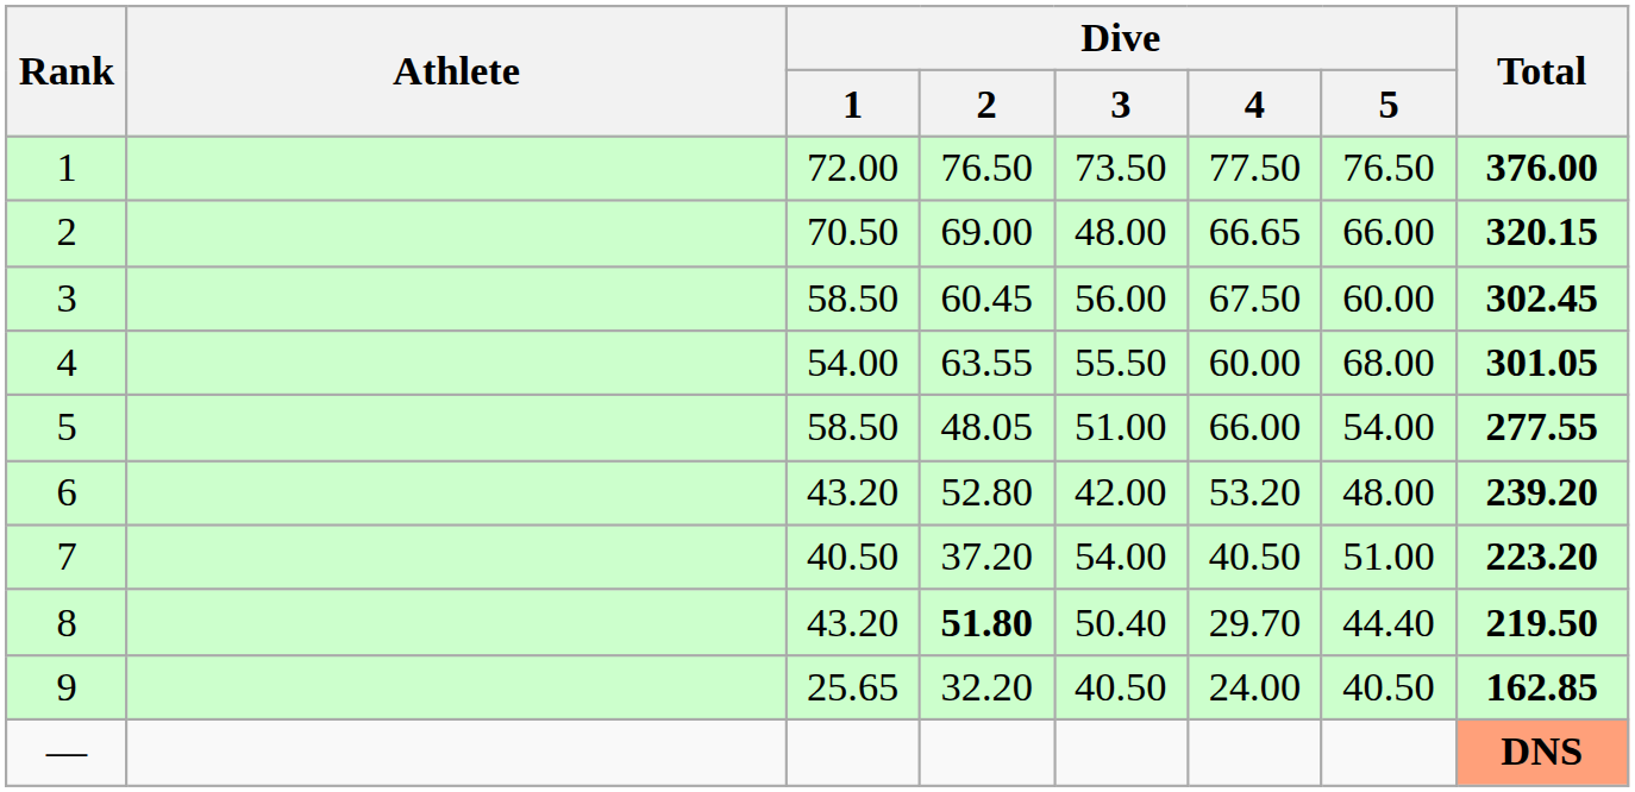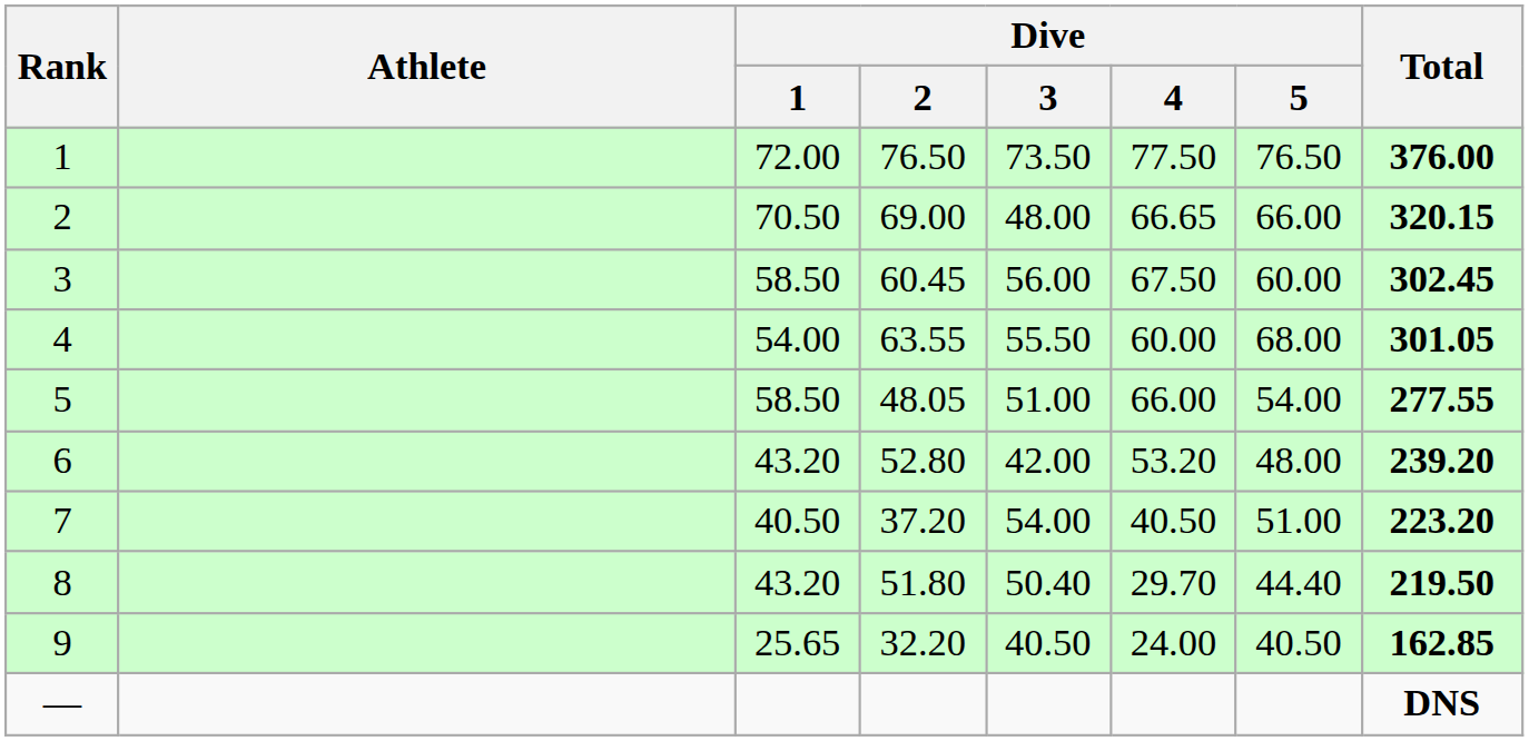 <table class=wikitable style="text-align:center">
 <tr>
 <th rowspan="2" width=40>Rank</th>
 <th rowspan="2" width=250>Athlete</th>
 <th colspan="5">Dive</th>
 <th rowspan="2" width=60>Total</th>
 </tr>
 <tr>
 <th width=45>1</th>
 <th width=45>2</th>
 <th width=45>3</th>
 <th width=45>4</th>
 <th width=45>5</th>
 </tr>
 <tr bgcolor=ccffcc>
 <td>1</td>
 <td align=left></td>
 <td>72.00</td>
 <td>76.50</td>
 <td>73.50</td>
 <td>77.50</td>
 <td>76.50</td>
 <td><strong>376.00</strong></td>
 </tr>
 <tr bgcolor=ccffcc>
 <td>2</td>
 <td align=left></td>
 <td>70.50</td>
 <td>69.00</td>
 <td>48.00</td>
 <td>66.65</td>
 <td>66.00</td>
 <td><strong>320.15</strong></td>
 </tr>
 <tr bgcolor=ccffcc>
 <td>3</td>
 <td align=left></td>
 <td>58.50</td>
 <td>60.45</td>
 <td>56.00</td>
 <td>67.50</td>
 <td>60.00</td>
 <td><strong>302.45</strong></td>
 </tr>
 <tr bgcolor=ccffcc>
 <td>4</td>
 <td align=left></td>
 <td>54.00</td>
 <td>63.55</td>
 <td>55.50</td>
 <td>60.00</td>
 <td>68.00</td>
 <td><strong>301.05</strong></td>
 </tr>
 <tr bgcolor=ccffcc>
 <td>5</td>
 <td align=left></td>
 <td>58.50</td>
 <td>48.05</td>
 <td>51.00</td>
 <td>66.00</td>
 <td>54.00</td>
 <td><strong>277.55</strong></td>
 </tr>
 <tr bgcolor=ccffcc>
 <td>6</td>
 <td align=left></td>
 <td>43.20</td>
 <td>52.80</td>
 <td>42.00</td>
 <td>53.20</td>
 <td>48.00</td>
 <td><strong>239.20</strong></td>
 </tr>
 <tr bgcolor=ccffcc>
 <td>7</td>
 <td align=left></td>
 <td>40.50</td>
 <td>37.20</td>
 <td>54.00</td>
 <td>40.50</td>
 <td>51.00</td>
 <td><strong>223.20</strong></td>
 </tr>
 <tr bgcolor=ccffcc>
 <td>8</td>
 <td align=left></td>
 <td>43.20</td>
-<td><strong>51.80</strong></td>
+<td>51.80</td>
 <td>50.40</td>
 <td>29.70</td>
 <td>44.40</td>
 <td><strong>219.50</strong></td>
 </tr>
 <tr bgcolor=ccffcc>
 <td>9</td>
 <td align=left></td>
 <td>25.65</td>
 <td>32.20</td>
 <td>40.50</td>
 <td>24.00</td>
 <td>40.50</td>
 <td><strong>162.85</strong></td>
 </tr>
 <tr>
 <td>—</td>
 <td align=left></td>
 <td></td>
 <td></td>
 <td></td>
 <td></td>
 <td></td>
-<td style="background: lightsalmon;"><strong>DNS</strong></td>
+<td><strong>DNS</strong></td>
 </tr>
 </table>
